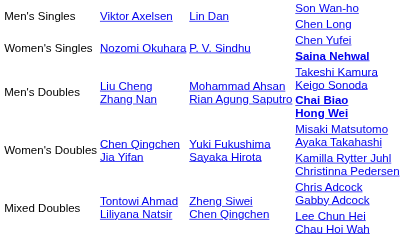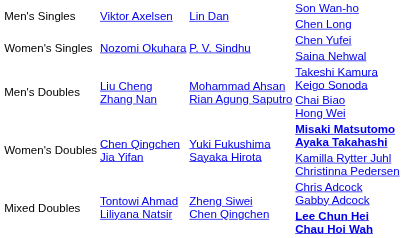 <table>
 <tr>
 <td rowspan=2>Men's Singles<br></td>
 <td rowspan=2> <a href='#'>Viktor Axelsen</a></td>
 <td rowspan=2> <a href='#'>Lin Dan</a></td>
 <td> <a href='#'>Son Wan-ho</a></td>
 </tr>
 <tr>
 <td> <a href='#'>Chen Long</a></td>
 </tr>
 <tr>
 <td rowspan=2>Women's Singles<br></td>
 <td rowspan=2> <a href='#'>Nozomi Okuhara</a></td>
 <td rowspan=2> <a href='#'>P. V. Sindhu</a></td>
 <td> <a href='#'>Chen Yufei</a></td>
 </tr>
 <tr>
-<td><strong> <a href='#'>Saina Nehwal</a></strong></td>
+<td> <a href='#'>Saina Nehwal</a></td>
 </tr>
 <tr>
 <td rowspan=2>Men's Doubles<br></td>
 <td rowspan=2> <a href='#'>Liu Cheng</a><br> <a href='#'>Zhang Nan</a></td>
 <td rowspan=2> <a href='#'>Mohammad Ahsan</a><br> <a href='#'>Rian Agung Saputro</a></td>
 <td> <a href='#'>Takeshi Kamura</a><br> <a href='#'>Keigo Sonoda</a></td>
 </tr>
 <tr>
-<td><strong> <a href='#'>Chai Biao</a><br> <a href='#'>Hong Wei</a></strong></td>
+<td> <a href='#'>Chai Biao</a><br> <a href='#'>Hong Wei</a></td>
 </tr>
 <tr>
 <td rowspan=2>Women's Doubles<br></td>
 <td rowspan=2> <a href='#'>Chen Qingchen</a><br> <a href='#'>Jia Yifan</a></td>
 <td rowspan=2> <a href='#'>Yuki Fukushima</a><br> <a href='#'>Sayaka Hirota</a></td>
-<td> <a href='#'>Misaki Matsutomo</a><br> <a href='#'>Ayaka Takahashi</a></td>
+<td><strong> <a href='#'>Misaki Matsutomo</a><br> <a href='#'>Ayaka Takahashi</a></strong></td>
 </tr>
 <tr>
 <td> <a href='#'>Kamilla Rytter Juhl</a><br> <a href='#'>Christinna Pedersen</a></td>
 </tr>
 <tr>
 <td rowspan=2>Mixed Doubles<br></td>
 <td rowspan=2> <a href='#'>Tontowi Ahmad</a><br> <a href='#'>Liliyana Natsir</a></td>
 <td rowspan=2> <a href='#'>Zheng Siwei</a><br> <a href='#'>Chen Qingchen</a></td>
 <td> <a href='#'>Chris Adcock</a><br> <a href='#'>Gabby Adcock</a></td>
 </tr>
 <tr>
-<td> <a href='#'>Lee Chun Hei</a><br> <a href='#'>Chau Hoi Wah</a></td>
+<td><strong> <a href='#'>Lee Chun Hei</a><br> <a href='#'>Chau Hoi Wah</a></strong></td>
 </tr>
 </table>
